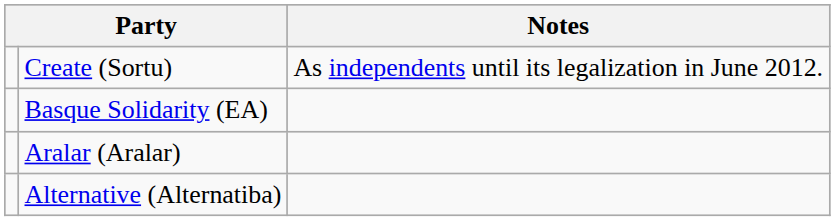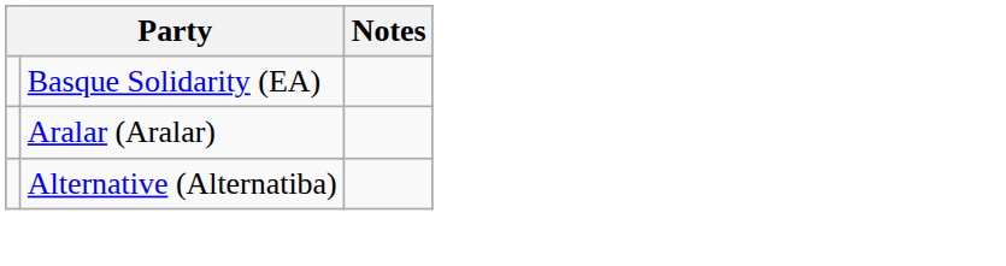 <table class="wikitable" style="text-align:left; font-size:97%;">
 <tr>
 <th colspan="2">Party</th>
 <th>Notes</th>
-</tr>
-<tr>
-<td width="1"></td>
-<td><a href='#'>Create</a> (Sortu)</td>
-<td>As <a href='#'>independents</a> until its legalization in June 2012.</td>
 </tr>
 <tr>
 <td></td>
 <td><a href='#'>Basque Solidarity</a> (EA)</td>
 <td></td>
 </tr>
 <tr>
 <td></td>
 <td><a href='#'>Aralar</a> (Aralar)</td>
 <td></td>
 </tr>
 <tr>
 <td></td>
 <td><a href='#'>Alternative</a> (Alternatiba)</td>
 <td></td>
 </tr>
 </table>
